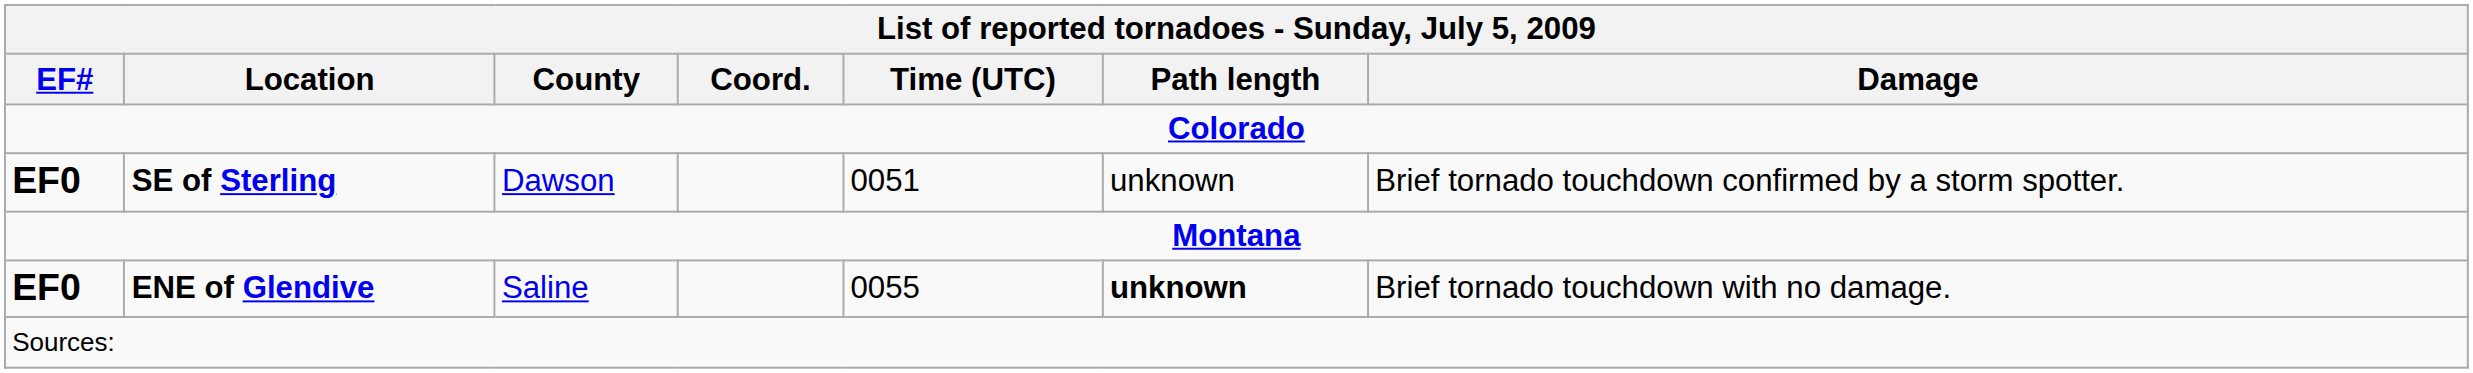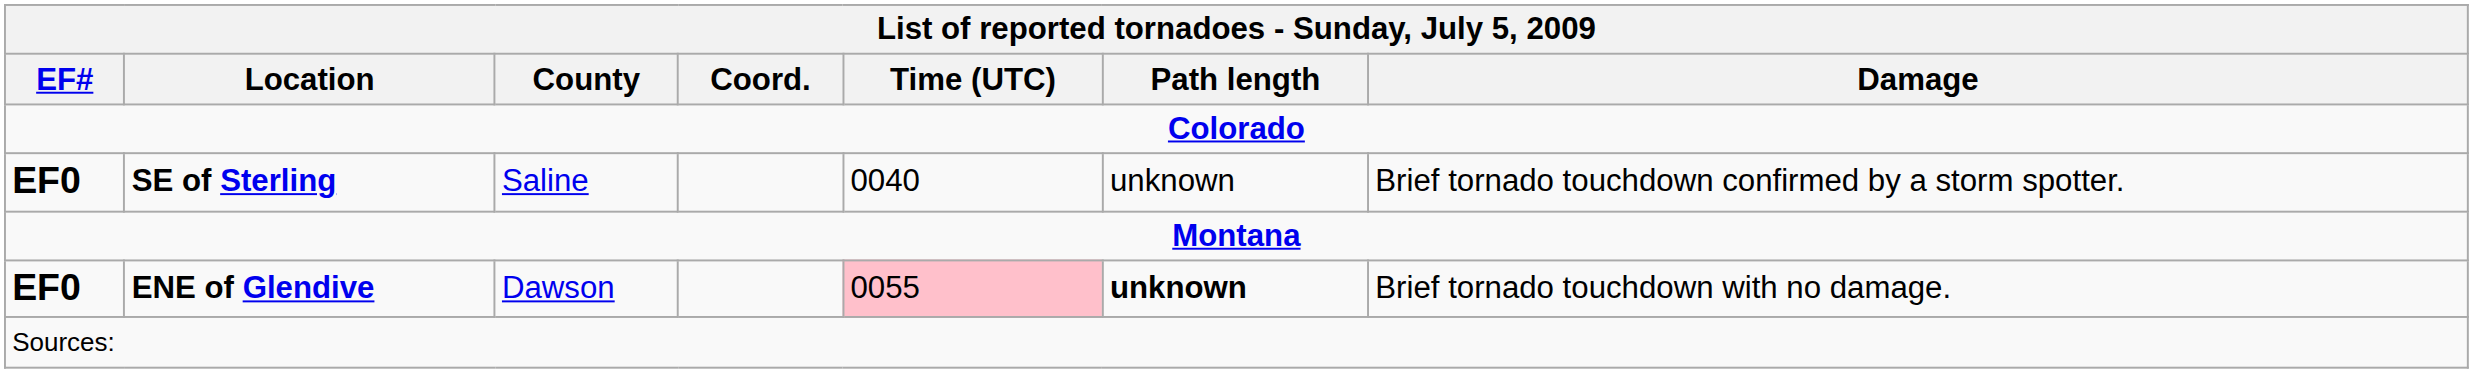 <table class="wikitable collapsible" style="width:100%;">
 <tr>
 <th colspan="7">List of reported tornadoes - Sunday, July 5, 2009</th>
 </tr>
 <tr>
 <th><a href='#'>EF#</a></th>
 <th>Location</th>
 <th>County</th>
 <th>Coord.</th>
 <th>Time (UTC)</th>
 <th>Path length</th>
 <th>Damage</th>
 </tr>
 <tr>
 <td colspan="7" style="text-align:center;"><strong><a href='#'>Colorado</a></strong></td>
 </tr>
 <tr>
 <td><big><strong>EF0</strong></big></td>
 <td><strong>SE of <a href='#'>Sterling</a></strong></td>
-<td><a href='#'>Dawson</a></td>
+<td><a href='#'>Saline</a></td>
 <td></td>
-<td>0051</td>
+<td>0040</td>
 <td>unknown</td>
 <td>Brief tornado touchdown confirmed by a storm spotter.</td>
 </tr>
 <tr>
 <td colspan="7" style="text-align:center;"><strong><a href='#'>Montana</a></strong></td>
 </tr>
 <tr>
 <td><big><strong>EF0</strong></big></td>
 <td><strong>ENE of <a href='#'>Glendive</a></strong></td>
-<td><a href='#'>Saline</a></td>
+<td><a href='#'>Dawson</a></td>
 <td></td>
-<td>0055</td>
+<td style="background: pink;">0055</td>
 <td><strong>unknown</strong></td>
 <td>Brief tornado touchdown with no damage.</td>
 </tr>
 <tr>
 <td colspan="7"><small>Sources: </small></td>
 </tr>
 </table>
